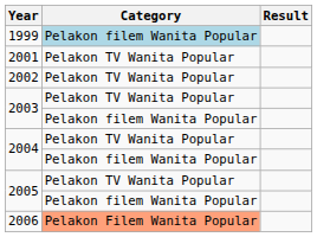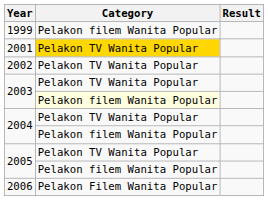 <table class="wikitable">
 <tr align="center">
 <th>Year</th>
 <th>Category</th>
 <th>Result</th>
 </tr>
 <tr>
 <td>1999</td>
-<td style="background: lightblue;">Pelakon filem Wanita Popular</td>
+<td>Pelakon filem Wanita Popular</td>
 <td></td>
 </tr>
 <tr>
 <td>2001</td>
-<td>Pelakon TV Wanita Popular</td>
+<td style="background: gold;">Pelakon TV Wanita Popular</td>
 <td></td>
 </tr>
 <tr>
 <td>2002</td>
 <td>Pelakon TV Wanita Popular</td>
 <td></td>
 </tr>
 <tr>
 <td rowspan="2">2003</td>
 <td>Pelakon TV Wanita Popular</td>
 <td></td>
 </tr>
 <tr>
-<td>Pelakon filem Wanita Popular</td>
+<td style="background: lightyellow;">Pelakon filem Wanita Popular</td>
 <td></td>
 </tr>
 <tr>
 <td rowspan="2">2004</td>
 <td>Pelakon TV Wanita Popular</td>
 <td></td>
 </tr>
 <tr>
 <td>Pelakon filem Wanita Popular</td>
 <td></td>
 </tr>
 <tr>
 <td rowspan="2">2005</td>
 <td>Pelakon TV Wanita Popular</td>
 <td></td>
 </tr>
 <tr>
 <td>Pelakon filem Wanita Popular</td>
 <td></td>
 </tr>
 <tr>
 <td>2006</td>
-<td style="background: lightsalmon;">Pelakon Filem Wanita Popular</td>
+<td>Pelakon Filem Wanita Popular</td>
 <td></td>
 </tr>
 </table>
